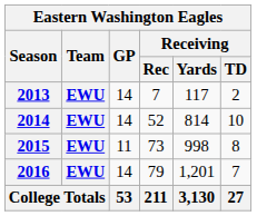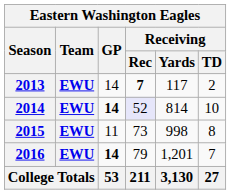 <table class="wikitable" style="text-align:center;">
 <tr>
 <th colspan="6">Eastern Washington Eagles</th>
 </tr>
 <tr>
 <th rowspan="2">Season</th>
 <th rowspan="2">Team</th>
 <th rowspan="2">GP</th>
 <th colspan="3">Receiving</th>
 </tr>
 <tr>
 <th>Rec</th>
 <th>Yards</th>
 <th>TD</th>
 </tr>
 <tr>
 <th><a href='#'>2013</a></th>
 <th><a href='#'>EWU</a></th>
 <td>14</td>
-<td>7</td>
+<td><strong>7</strong></td>
 <td>117</td>
 <td>2</td>
 </tr>
 <tr>
 <th><a href='#'>2014</a></th>
 <th><a href='#'>EWU</a></th>
-<td>14</td>
-<td>52</td>
+<td><strong>14</strong></td>
+<td style="background: lavender;">52</td>
 <td>814</td>
 <td>10</td>
 </tr>
 <tr>
 <th><a href='#'>2015</a></th>
 <th><a href='#'>EWU</a></th>
 <td>11</td>
 <td>73</td>
 <td>998</td>
 <td>8</td>
 </tr>
 <tr>
 <th><a href='#'>2016</a></th>
 <th><a href='#'>EWU</a></th>
-<td>14</td>
+<td><strong>14</strong></td>
 <td>79</td>
 <td>1,201</td>
 <td>7</td>
 </tr>
 <tr>
 <th colspan="2">College Totals</th>
 <th>53</th>
 <th>211</th>
 <th>3,130</th>
 <th>27</th>
 </tr>
 </table>
